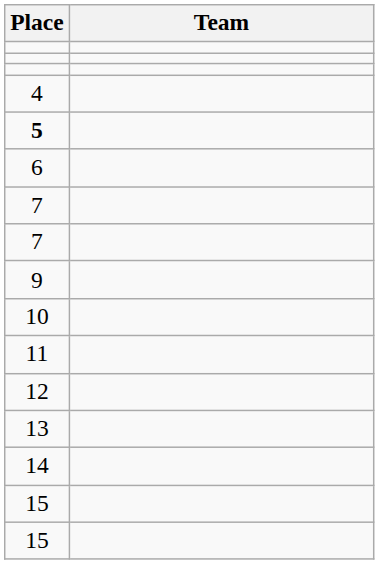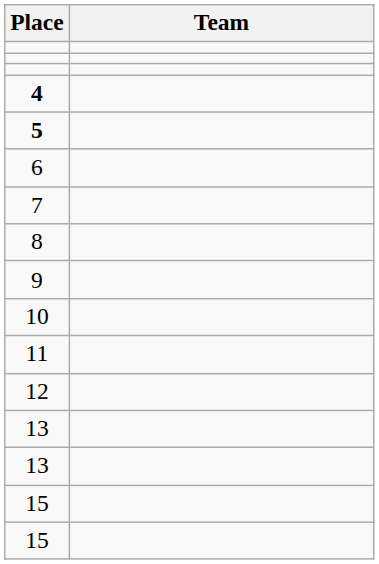 <table class="wikitable" style="text-align:center;">
 <tr>
 <th width=30>Place</th>
 <th width=200>Team</th>
 </tr>
 <tr>
 <td></td>
 <td align="left"></td>
 </tr>
 <tr>
 <td></td>
 <td align="left"></td>
 </tr>
 <tr>
 <td></td>
 <td align="left"></td>
 </tr>
 <tr>
-<td>4</td>
+<td><strong>4</strong></td>
 <td align="left"></td>
 </tr>
 <tr>
 <td><strong>5</strong></td>
 <td align="left"></td>
 </tr>
 <tr>
 <td>6</td>
 <td align="left"></td>
 </tr>
 <tr>
 <td>7</td>
 <td align="left"></td>
 </tr>
 <tr>
-<td>7</td>
+<td>8</td>
 <td align="left"></td>
 </tr>
 <tr>
 <td>9</td>
 <td align="left"></td>
 </tr>
 <tr>
 <td>10</td>
 <td align="left"></td>
 </tr>
 <tr>
 <td>11</td>
 <td align="left"></td>
 </tr>
 <tr>
 <td>12</td>
 <td align="left"></td>
 </tr>
 <tr>
 <td>13</td>
 <td align="left"></td>
 </tr>
 <tr>
-<td>14</td>
+<td>13</td>
 <td align="left"></td>
 </tr>
 <tr>
 <td>15</td>
 <td align="left"></td>
 </tr>
 <tr>
 <td>15</td>
 <td align="left"></td>
 </tr>
 </table>
